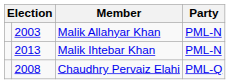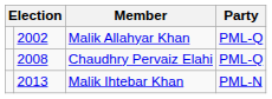 <table class="wikitable">
 <tr>
 <th colspan="2">Election</th>
 <th>Member</th>
 <th>Party</th>
 </tr>
 <tr>
 <td style="background-color: "></td>
-<td><a href='#'>2003</a></td>
+<td><a href='#'>2002</a></td>
 <td><a href='#'>Malik Allahyar Khan</a></td>
-<td><a href='#'>PML-N</a></td>
+<td><a href='#'>PML-Q</a></td>
+</tr>
+<tr>
+<td style="background-color: "></td>
+<td><a href='#'>2008</a></td>
+<td><a href='#'>Chaudhry Pervaiz Elahi</a></td>
+<td><a href='#'>PML-Q</a></td>
 </tr>
 <tr>
 <td style="background-color: "></td>
 <td><a href='#'>2013</a></td>
 <td><a href='#'>Malik Ihtebar Khan</a></td>
 <td><a href='#'>PML-N</a></td>
 </tr>
-<tr>
-<td style="background-color: "></td>
-<td><a href='#'>2008</a></td>
-<td><a href='#'>Chaudhry Pervaiz Elahi</a></td>
-<td><a href='#'>PML-Q</a></td>
-</tr>
 </table>
